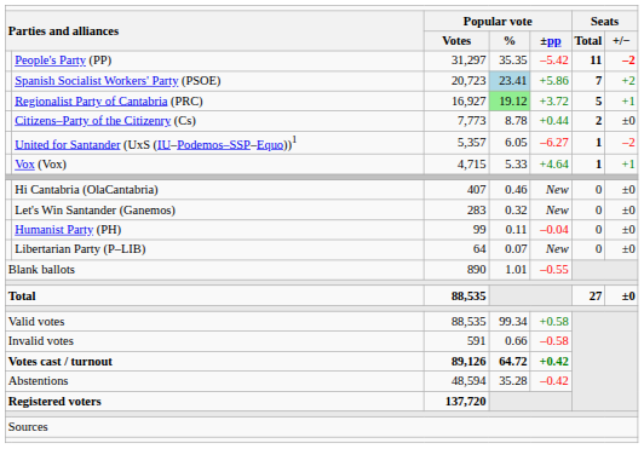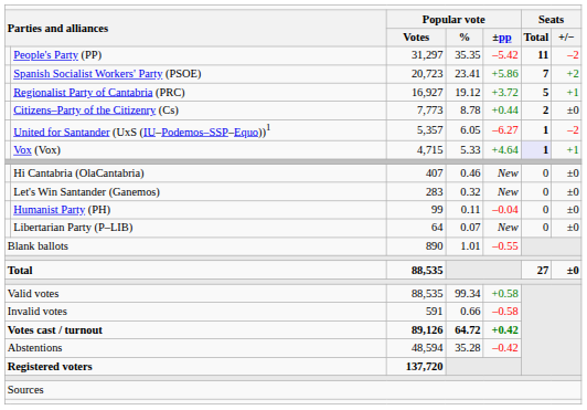 <table class="wikitable" style="text-align:right;">
 <tr>
 <td colspan="7"></td>
 </tr>
 <tr>
 <th style="text-align:left;" rowspan="2" colspan="2" width="525">Parties and alliances</th>
 <th colspan="3">Popular vote</th>
 <th colspan="2">Seats</th>
 </tr>
 <tr>
 <th width="75">Votes</th>
 <th width="45">%</th>
 <th width="45">±<a href='#'>pp</a></th>
 <th width="35">Total</th>
 <th width="35">+/−</th>
 </tr>
 <tr>
 <td width="1" style="color:inherit;background:"></td>
 <td align="left"><a href='#'>People's Party</a> (PP)</td>
 <td>31,297</td>
 <td>35.35</td>
 <td style="color:red;">–5.42</td>
 <td><strong>11</strong></td>
-<td style="color:red;"><strong>–2</strong></td>
+<td style="color:red;">–2</td>
 </tr>
 <tr>
 <td style="color:inherit;background:"></td>
 <td align="left"><a href='#'>Spanish Socialist Workers' Party</a> (PSOE)</td>
 <td>20,723</td>
-<td style="background: lightblue;">23.41</td>
+<td>23.41</td>
 <td style="color:green;">+5.86</td>
 <td><strong>7</strong></td>
 <td style="color:green;">+2</td>
 </tr>
 <tr>
 <td style="color:inherit;background:"></td>
 <td align="left"><a href='#'>Regionalist Party of Cantabria</a> (PRC)</td>
 <td>16,927</td>
-<td style="background: lightgreen;">19.12</td>
+<td>19.12</td>
 <td style="color:green;">+3.72</td>
 <td><strong>5</strong></td>
 <td style="color:green;">+1</td>
 </tr>
 <tr>
 <td style="color:inherit;background:"></td>
 <td align="left"><a href='#'>Citizens–Party of the Citizenry</a> (Cs)</td>
 <td>7,773</td>
 <td>8.78</td>
 <td style="color:green;">+0.44</td>
 <td><strong>2</strong></td>
 <td>±0</td>
 </tr>
 <tr>
 <td style="color:inherit;background:"></td>
 <td align="left"><a href='#'>United for Santander</a> (UxS (<a href='#'>IU</a>–<a href='#'>Podemos–SSP</a>–<a href='#'>Equo</a>))<sup>1</sup></td>
 <td>5,357</td>
 <td>6.05</td>
 <td style="color:red;">–6.27</td>
 <td><strong>1</strong></td>
 <td style="color:red;">–2</td>
 </tr>
 <tr>
 <td style="color:inherit;background:"></td>
 <td align="left"><a href='#'>Vox</a> (Vox)</td>
 <td>4,715</td>
 <td>5.33</td>
 <td style="color:green;">+4.64</td>
-<td><strong>1</strong></td>
+<td style="background: lavender;"><strong>1</strong></td>
 <td style="color:green;">+1</td>
 </tr>
 <tr>
 <td colspan="7" bgcolor="#C0C0C0"></td>
 </tr>
 <tr>
 <td style="color:inherit;background:"></td>
 <td align="left">Hi Cantabria (OlaCantabria)</td>
 <td>407</td>
 <td>0.46</td>
 <td><em>New</em></td>
 <td>0</td>
 <td>±0</td>
 </tr>
 <tr>
 <td style="color:inherit;background:"></td>
 <td align="left">Let's Win Santander (Ganemos)</td>
 <td>283</td>
 <td>0.32</td>
 <td><em>New</em></td>
 <td>0</td>
 <td>±0</td>
 </tr>
 <tr>
 <td style="color:inherit;background:"></td>
 <td align="left"><a href='#'>Humanist Party</a> (PH)</td>
 <td>99</td>
 <td>0.11</td>
 <td style="color:red;">–0.04</td>
 <td>0</td>
 <td>±0</td>
 </tr>
 <tr>
 <td style="color:inherit;background:"></td>
 <td align="left">Libertarian Party (P–LIB)</td>
 <td>64</td>
 <td>0.07</td>
 <td><em>New</em></td>
 <td>0</td>
 <td>±0</td>
 </tr>
 <tr>
 <td align="left" colspan="2">Blank ballots</td>
 <td>890</td>
 <td>1.01</td>
 <td style="color:red;">–0.55</td>
 <td bgcolor="#E9E9E9" colspan="2"></td>
 </tr>
 <tr>
 <td colspan="7" bgcolor="#E9E9E9"></td>
 </tr>
 <tr style="font-weight:bold;">
 <td align="left" colspan="2">Total</td>
 <td>88,535</td>
 <td bgcolor="#E9E9E9" colspan="2"></td>
 <td>27</td>
 <td>±0</td>
 </tr>
 <tr>
 <td colspan="7" bgcolor="#E9E9E9"></td>
 </tr>
 <tr>
 <td align="left" colspan="2">Valid votes</td>
 <td>88,535</td>
 <td>99.34</td>
 <td style="color:green;">+0.58</td>
 <td bgcolor="#E9E9E9" colspan="2" rowspan="5"></td>
 </tr>
 <tr>
 <td align="left" colspan="2">Invalid votes</td>
 <td>591</td>
 <td>0.66</td>
 <td style="color:red;">–0.58</td>
 </tr>
 <tr style="font-weight:bold;">
 <td align="left" colspan="2">Votes cast / turnout</td>
 <td>89,126</td>
 <td>64.72</td>
 <td style="color:green;">+0.42</td>
 </tr>
 <tr>
 <td align="left" colspan="2">Abstentions</td>
 <td>48,594</td>
 <td>35.28</td>
 <td style="color:red;">–0.42</td>
 </tr>
 <tr style="font-weight:bold;">
 <td align="left" colspan="2">Registered voters</td>
 <td>137,720</td>
 <td bgcolor="#E9E9E9" colspan="2"></td>
 </tr>
 <tr>
 <td colspan="7" bgcolor="#E9E9E9"></td>
 </tr>
 <tr>
 <td align="left" colspan="7">Sources</td>
 </tr>
 <tr>
 <td colspan="7" style="text-align:left; max-width:790px;"></td>
 </tr>
 </table>
